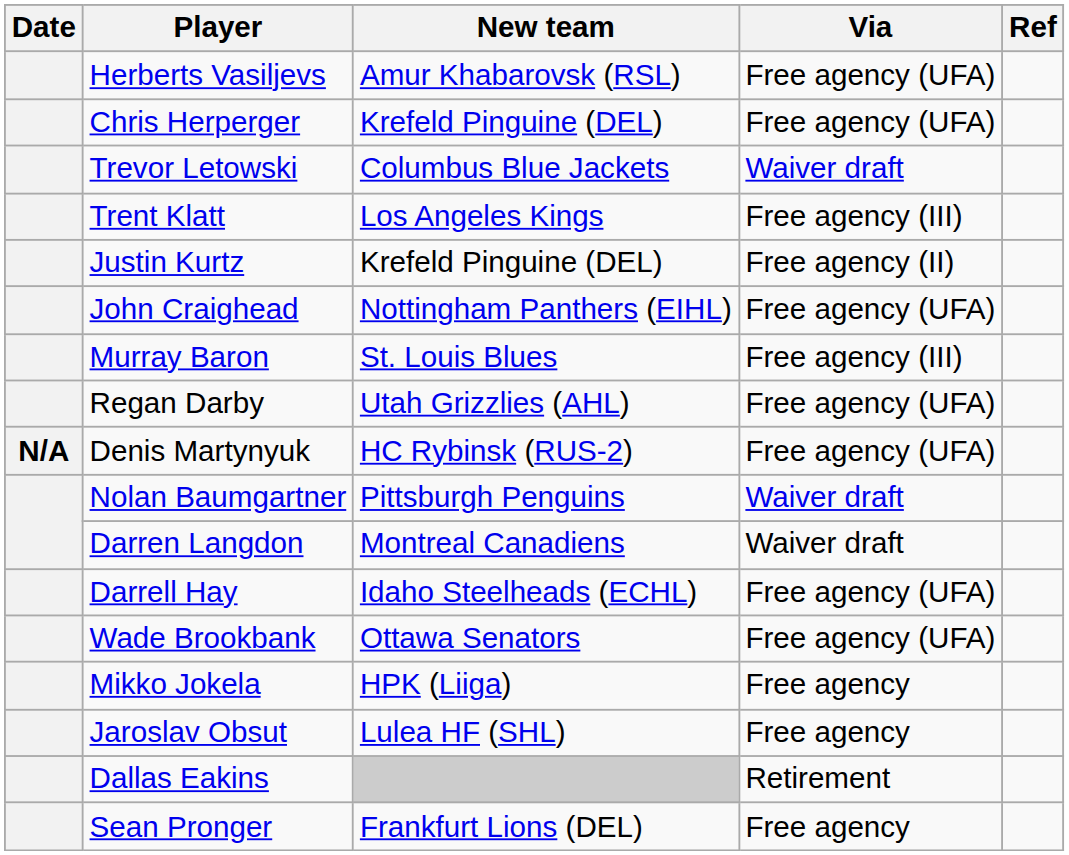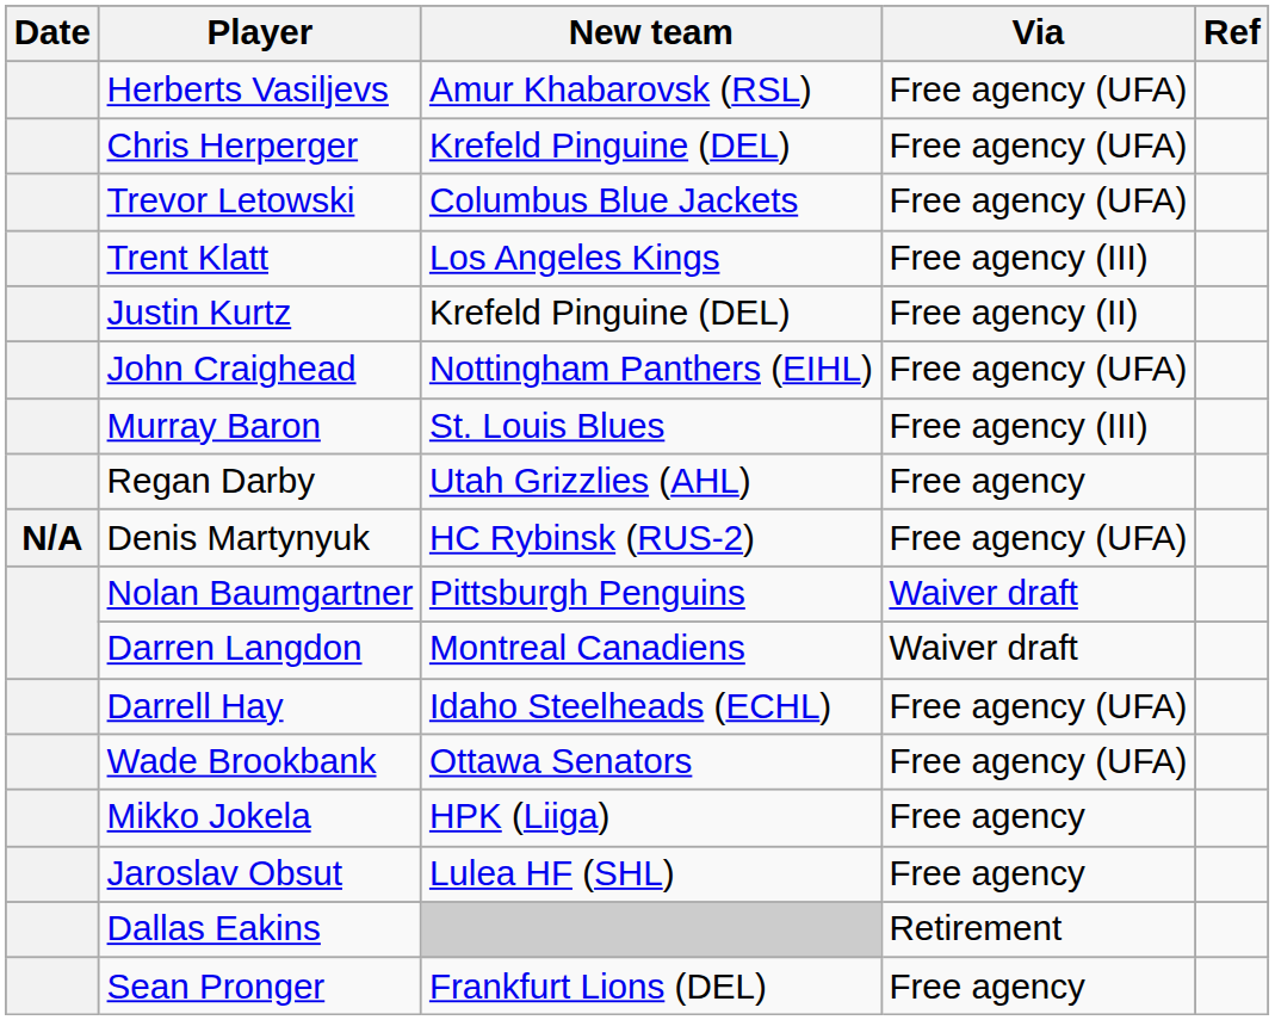 <table class="wikitable plainrowheaders">
 <tr style="background:#ddd; text-align:center;">
 <th>Date</th>
 <th>Player</th>
 <th>New team</th>
 <th>Via</th>
 <th>Ref</th>
 </tr>
 <tr>
 <th scope="row"></th>
 <td><a href='#'>Herberts Vasiljevs</a></td>
 <td><a href='#'>Amur Khabarovsk</a> (<a href='#'>RSL</a>)</td>
 <td>Free agency (UFA)</td>
 <td></td>
 </tr>
 <tr>
 <th scope="row"></th>
 <td><a href='#'>Chris Herperger</a></td>
 <td><a href='#'>Krefeld Pinguine</a> (<a href='#'>DEL</a>)</td>
 <td>Free agency (UFA)</td>
 <td></td>
 </tr>
 <tr>
 <th scope="row"></th>
 <td><a href='#'>Trevor Letowski</a></td>
 <td><a href='#'>Columbus Blue Jackets</a></td>
-<td><a href='#'>Waiver draft</a></td>
+<td>Free agency (UFA)</td>
 <td></td>
 </tr>
 <tr>
 <th scope="row"></th>
 <td><a href='#'>Trent Klatt</a></td>
 <td><a href='#'>Los Angeles Kings</a></td>
 <td>Free agency (III)</td>
 <td></td>
 </tr>
 <tr>
 <th scope="row"></th>
 <td><a href='#'>Justin Kurtz</a></td>
 <td>Krefeld Pinguine (DEL)</td>
 <td>Free agency (II)</td>
 <td></td>
 </tr>
 <tr>
 <th scope="row"></th>
 <td><a href='#'>John Craighead</a></td>
 <td><a href='#'>Nottingham Panthers</a> (<a href='#'>EIHL</a>)</td>
 <td>Free agency (UFA)</td>
 <td></td>
 </tr>
 <tr>
 <th scope="row"></th>
 <td><a href='#'>Murray Baron</a></td>
 <td><a href='#'>St. Louis Blues</a></td>
 <td>Free agency (III)</td>
 <td></td>
 </tr>
 <tr>
 <th scope="row"></th>
 <td>Regan Darby</td>
 <td><a href='#'>Utah Grizzlies</a> (<a href='#'>AHL</a>)</td>
-<td>Free agency (UFA)</td>
+<td>Free agency</td>
 <td></td>
 </tr>
 <tr>
 <th scope="row">N/A</th>
 <td>Denis Martynyuk</td>
 <td><a href='#'>HC Rybinsk</a> (<a href='#'>RUS-2</a>)</td>
 <td>Free agency (UFA)</td>
 <td></td>
 </tr>
 <tr>
 <th scope="row" rowspan=2></th>
 <td><a href='#'>Nolan Baumgartner</a></td>
 <td><a href='#'>Pittsburgh Penguins</a></td>
 <td><a href='#'>Waiver draft</a></td>
 <td></td>
 </tr>
 <tr>
 <td><a href='#'>Darren Langdon</a></td>
 <td><a href='#'>Montreal Canadiens</a></td>
 <td>Waiver draft</td>
 <td></td>
 </tr>
 <tr>
 <th scope="row"></th>
 <td><a href='#'>Darrell Hay</a></td>
 <td><a href='#'>Idaho Steelheads</a> (<a href='#'>ECHL</a>)</td>
 <td>Free agency (UFA)</td>
 <td></td>
 </tr>
 <tr>
 <th scope="row"></th>
 <td><a href='#'>Wade Brookbank</a></td>
 <td><a href='#'>Ottawa Senators</a></td>
 <td>Free agency (UFA)</td>
 <td></td>
 </tr>
 <tr>
 <th scope="row"></th>
 <td><a href='#'>Mikko Jokela</a></td>
 <td><a href='#'>HPK</a> (<a href='#'>Liiga</a>)</td>
 <td>Free agency</td>
 <td></td>
 </tr>
 <tr>
 <th scope="row"></th>
 <td><a href='#'>Jaroslav Obsut</a></td>
 <td><a href='#'>Lulea HF</a> (<a href='#'>SHL</a>)</td>
 <td>Free agency</td>
 <td></td>
 </tr>
 <tr>
 <th scope="row"></th>
 <td><a href='#'>Dallas Eakins</a></td>
 <td style="background:#ccc"></td>
 <td>Retirement</td>
 <td></td>
 </tr>
 <tr>
 <th scope="row"></th>
 <td><a href='#'>Sean Pronger</a></td>
 <td><a href='#'>Frankfurt Lions</a> (DEL)</td>
 <td>Free agency</td>
 <td></td>
 </tr>
 </table>
